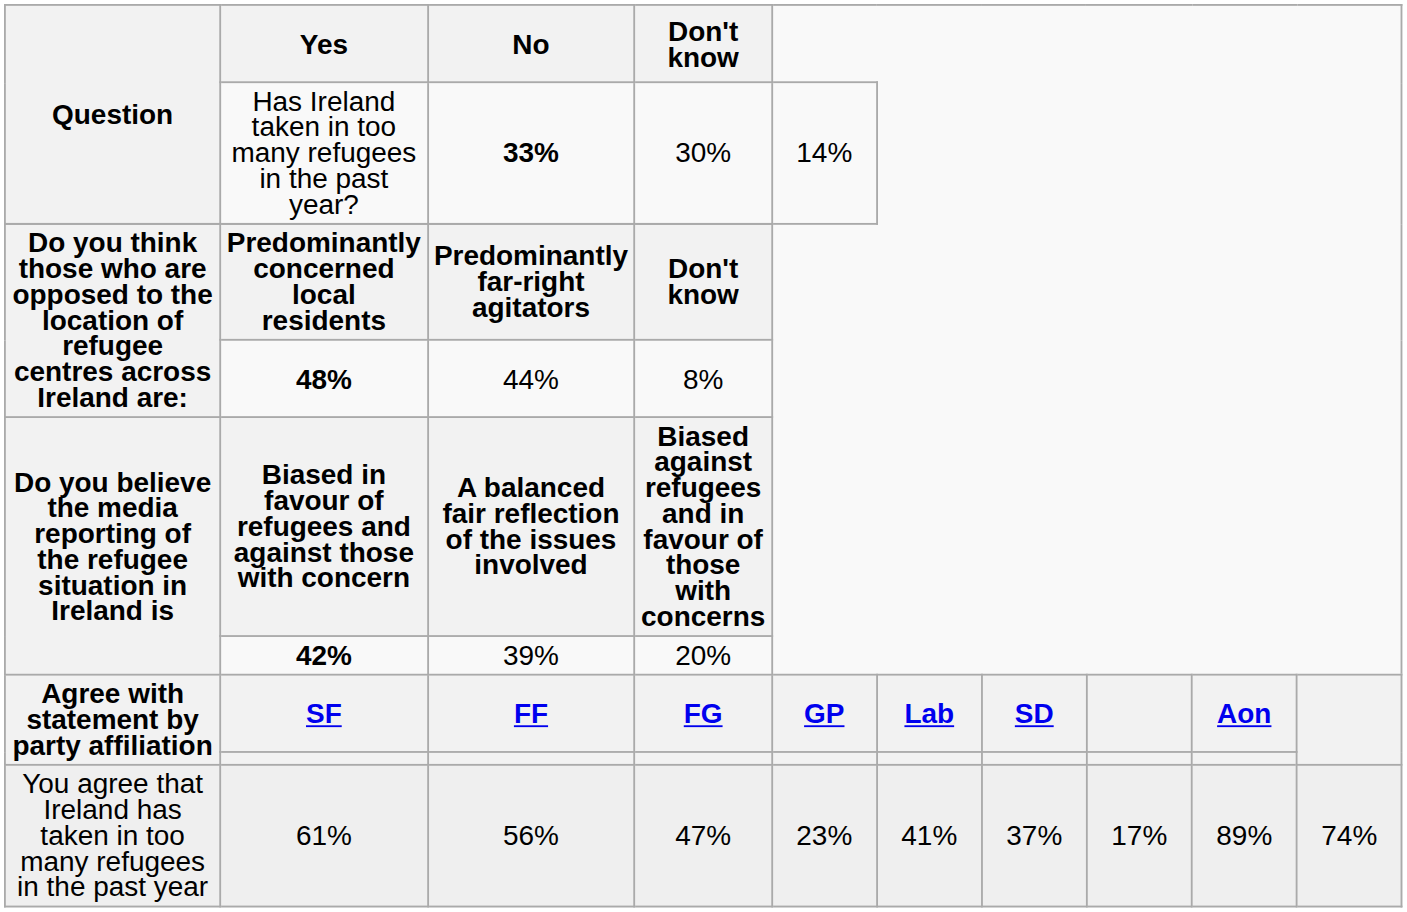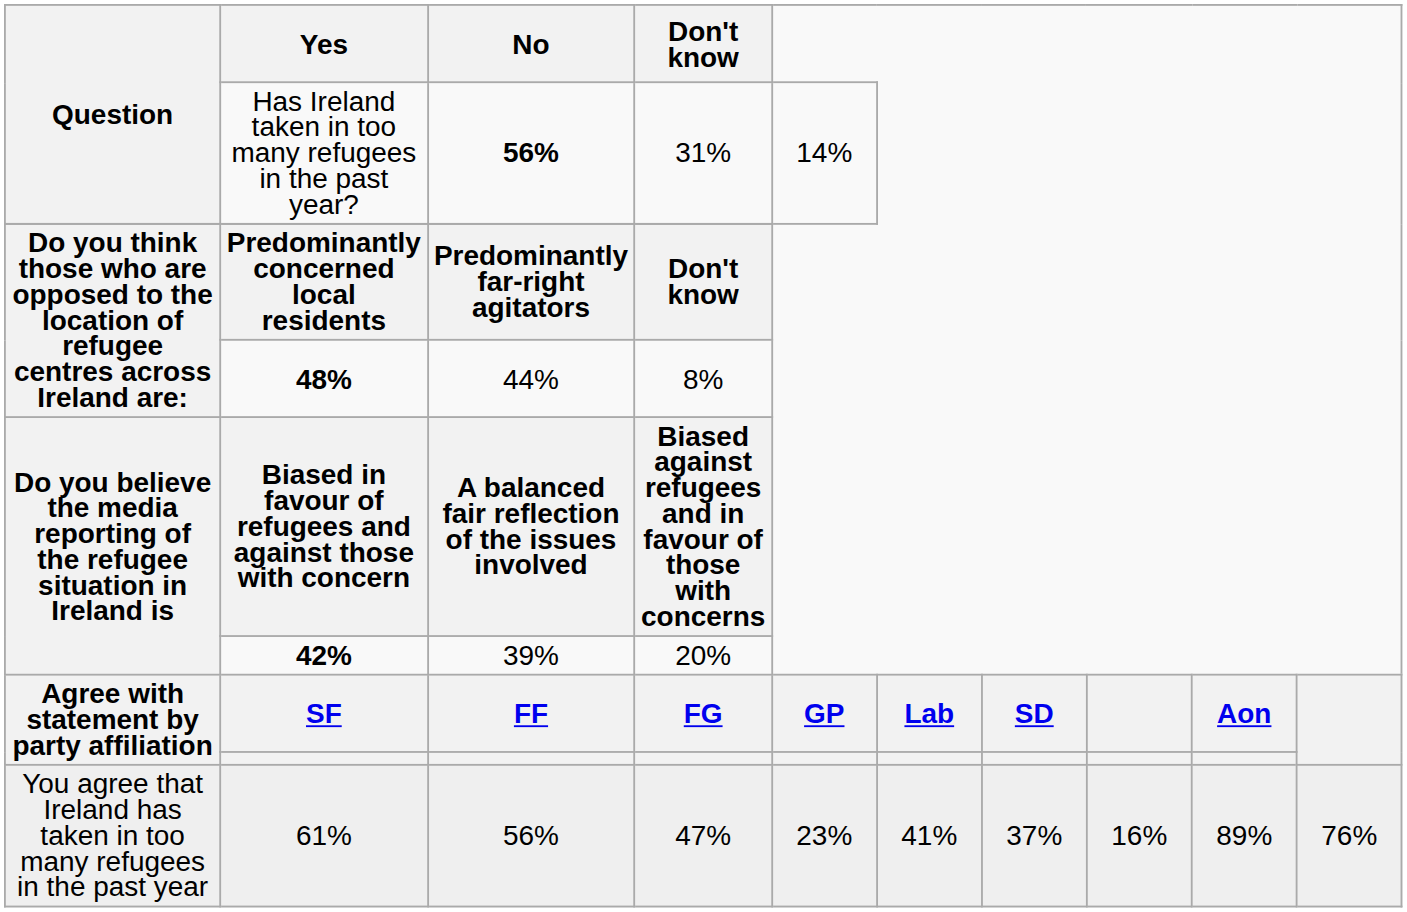 <table class="wikitable sortable collapsible" style="text-align:center;font-size:95%;line-height:14px;">
 <tr style="height:42px;">
 <th style="width:110px;" rowspan="2">Question</th>
 <th class="unsortable" style="width:50px;">Yes</th>
 <th class="unsortable" style="width:50px;">No</th>
 <th class="unsortable" style="width:50px;">Don't know</th>
 </tr>
 <tr>
 <td>Has Ireland taken in too many refugees in the past year?</td>
-<td><strong>33%</strong></td>
-<td>30%</td>
+<td><strong>56%</strong></td>
+<td>31%</td>
 <td>14%</td>
 </tr>
 <tr>
 </tr>
 <tr style="height:42px;">
 <th style="width:110px;" rowspan="2">Do you think those who are opposed to the location of refugee centres across Ireland are:</th>
 <th class="unsortable" style="width:50px;">Predominantly concerned local residents</th>
 <th class="unsortable" style="width:50px;">Predominantly far-right agitators</th>
 <th class="unsortable" style="width:50px;">Don't know</th>
 </tr>
 <tr>
 <td><strong>48%</strong></td>
 <td>44%</td>
 <td>8%</td>
 </tr>
 <tr style="height:42px;">
 <th style="width:110px;" rowspan="2">Do you believe the media reporting of the refugee situation in Ireland is</th>
 <th class="unsortable" style="width:50px;">Biased in favour of refugees and against those with concern</th>
 <th class="unsortable" style="width:50px;">A balanced fair reflection of the issues involved</th>
 <th class="unsortable" style="width:50px;">Biased against refugees and in favour of those with concerns</th>
 </tr>
 <tr>
 <td><strong>42%</strong></td>
 <td>39%</td>
 <td>20%</td>
 </tr>
 <tr style="height:42px;">
 <th style="width:110px;" rowspan="2">Agree with statement by party affiliation</th>
 <th class="unsortable" style="width:50px;"><a href='#'>SF</a></th>
 <th class="unsortable" style="width:50px;"><a href='#'>FF</a></th>
 <th class="unsortable" style="width:50px;"><a href='#'>FG</a></th>
 <th class="unsortable" style="width:50px;"><a href='#'>GP</a></th>
 <th class="unsortable" style="width:50px;"><a href='#'>Lab</a></th>
 <th class="unsortable" style="width:50px;"><a href='#'>SD</a></th>
 <th class="unsortable" style="width:50px;"></th>
 <th class="unsortable" style="width:50px;"><a href='#'>Aon</a></th>
 <th class="unsortable" style="width:50px;" rowspan="2"></th>
 </tr>
 <tr>
 <th style="color:inherit;background:"></th>
 <th style="color:inherit;background:"></th>
 <th style="color:inherit;background:"></th>
 <th style="color:inherit;background:"></th>
 <th style="color:inherit;background:"></th>
 <th style="color:inherit;background:"></th>
 <th style="color:inherit;background:"></th>
 <th style="color:inherit;background:"></th>
 </tr>
 <tr style="background:#EFEFEF;">
 <td>You agree that Ireland has taken in too many refugees in the past year</td>
 <td>61%</td>
 <td>56%</td>
 <td>47%</td>
 <td>23%</td>
 <td>41%</td>
 <td>37%</td>
-<td>17%</td>
+<td>16%</td>
 <td>89%</td>
-<td>74%</td>
+<td>76%</td>
 </tr>
 </table>
